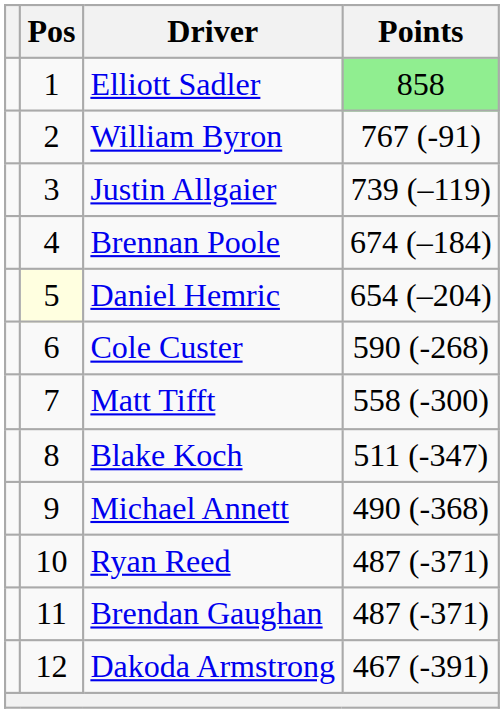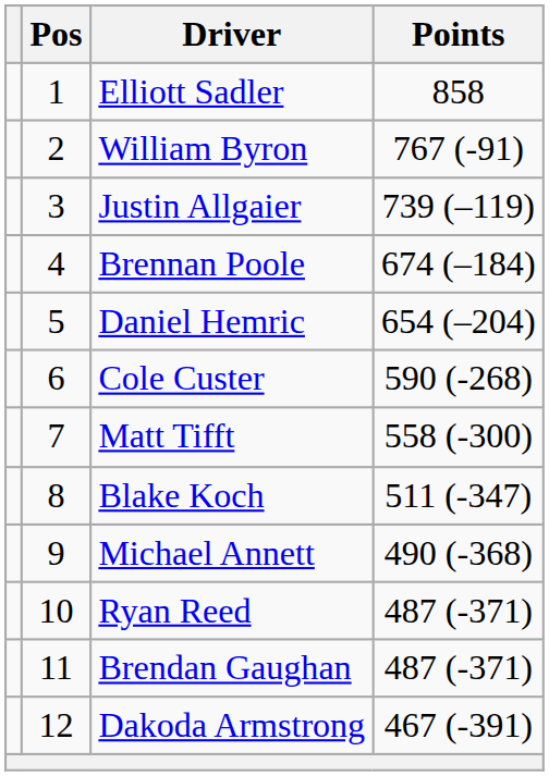 <table class="wikitable" style="font-size: 95%;">
 <tr>
 <th></th>
 <th>Pos</th>
 <th>Driver</th>
 <th>Points</th>
 </tr>
 <tr>
 <td align="left"></td>
 <td style="text-align:center;">1</td>
 <td><a href='#'>Elliott Sadler</a></td>
-<td style="background: lightgreen; text-align:center;">858</td>
+<td style="text-align:center;">858</td>
 </tr>
 <tr>
 <td align="left"></td>
 <td style="text-align:center;">2</td>
 <td><a href='#'>William Byron</a></td>
 <td style="text-align:center;">767 (-91)</td>
 </tr>
 <tr>
 <td align="left"></td>
 <td style="text-align:center;">3</td>
 <td><a href='#'>Justin Allgaier</a></td>
 <td style="text-align:center;">739 (–119)</td>
 </tr>
 <tr>
 <td align="left"></td>
 <td style="text-align:center;">4</td>
 <td><a href='#'>Brennan Poole</a></td>
 <td style="text-align:center;">674 (–184)</td>
 </tr>
 <tr>
 <td align="left"></td>
-<td style="background: lightyellow; text-align:center;">5</td>
+<td style="text-align:center;">5</td>
 <td><a href='#'>Daniel Hemric</a></td>
 <td style="text-align:center;">654 (–204)</td>
 </tr>
 <tr>
 <td align="left"></td>
 <td style="text-align:center;">6</td>
 <td><a href='#'>Cole Custer</a></td>
 <td style="text-align:center;">590 (-268)</td>
 </tr>
 <tr>
 <td align="left"></td>
 <td style="text-align:center;">7</td>
 <td><a href='#'>Matt Tifft</a></td>
 <td style="text-align:center;">558 (-300)</td>
 </tr>
 <tr>
 <td align="left"></td>
 <td style="text-align:center;">8</td>
 <td><a href='#'>Blake Koch</a></td>
 <td style="text-align:center;">511 (-347)</td>
 </tr>
 <tr>
 <td align="left"></td>
 <td style="text-align:center;">9</td>
 <td><a href='#'>Michael Annett</a></td>
 <td style="text-align:center;">490 (-368)</td>
 </tr>
 <tr>
 <td align="left"></td>
 <td style="text-align:center;">10</td>
 <td><a href='#'>Ryan Reed</a></td>
 <td style="text-align:center;">487 (-371)</td>
 </tr>
 <tr>
 <td align="left"></td>
 <td style="text-align:center;">11</td>
 <td><a href='#'>Brendan Gaughan</a></td>
 <td style="text-align:center;">487 (-371)</td>
 </tr>
 <tr>
 <td align="left"></td>
 <td style="text-align:center;">12</td>
 <td><a href='#'>Dakoda Armstrong</a></td>
 <td style="text-align:center;">467 (-391)</td>
 </tr>
 <tr class="sortbottom">
 <th colspan="9"></th>
 </tr>
 </table>
